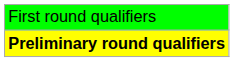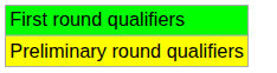 <table class="wikitable">
 <tr>
 <td style="background: lime;">First round qualifiers</td>
 </tr>
 <tr>
-<td style="background: yellow;"><strong>Preliminary round qualifiers</strong></td>
+<td style="background: yellow;">Preliminary round qualifiers</td>
 </tr>
 </table>
